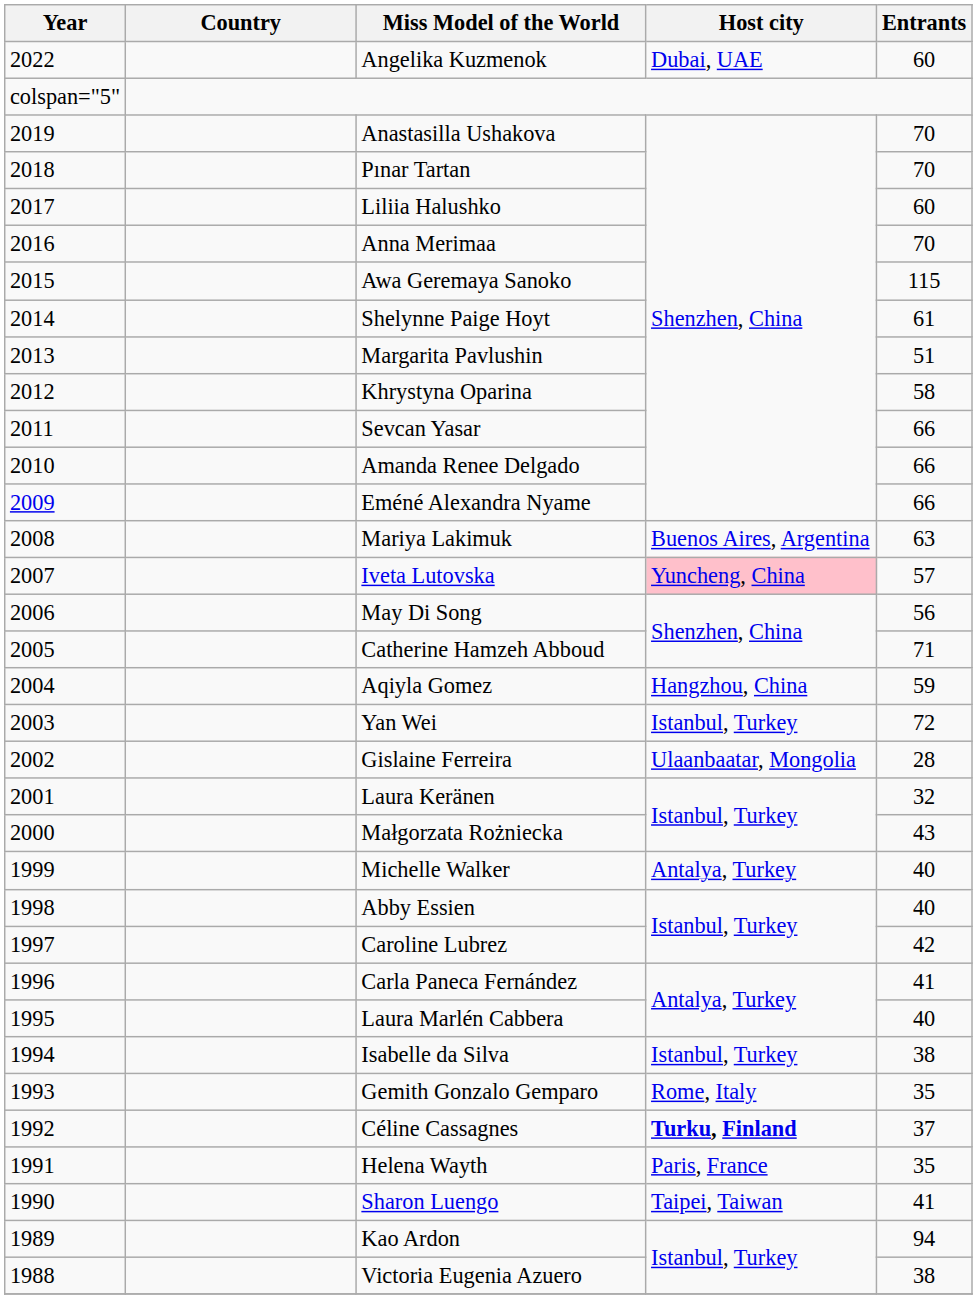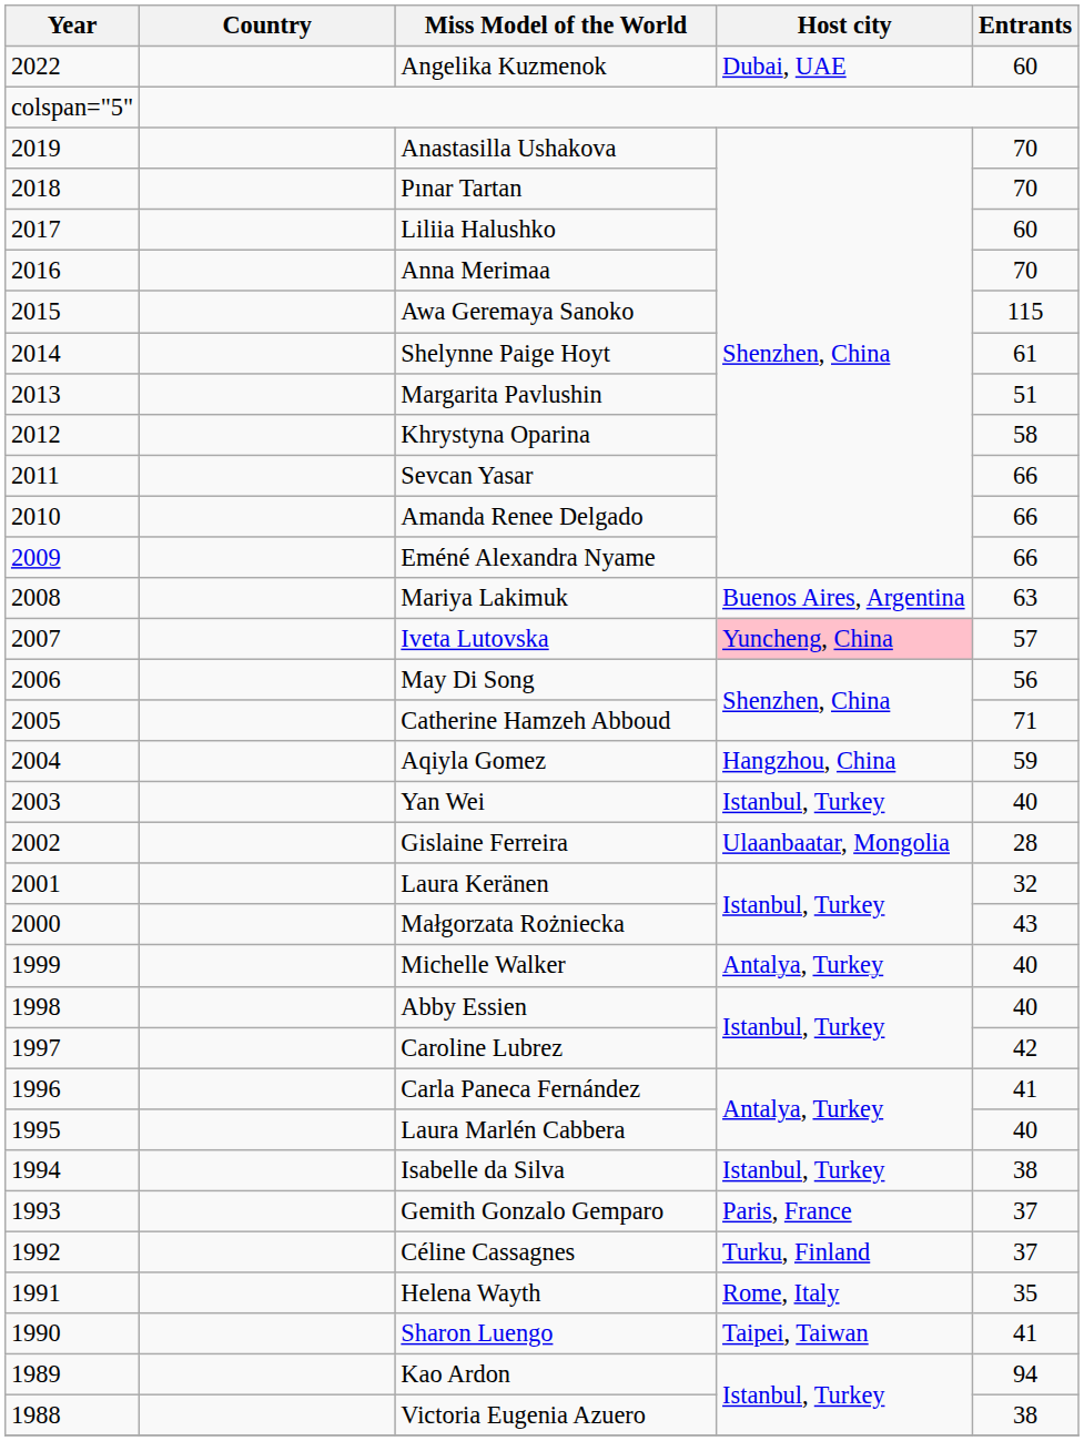 <table class="wikitable sortable" style="font-size: 95%;">
 <tr>
 <th width="40">Year</th>
 <th width="150">Country</th>
 <th width="190">Miss Model of the World</th>
 <th width="150">Host city</th>
 <th width="5">Entrants</th>
 </tr>
 <tr>
 <td>2022</td>
 <td></td>
 <td>Angelika Kuzmenok</td>
 <td><a href='#'>Dubai</a>, <a href='#'>UAE</a></td>
 <td style="text-align:center;">60</td>
 </tr>
 <tr>
 <td>colspan="5" </td>
 </tr>
 <tr>
 <td>2019</td>
 <td></td>
 <td>Anastasilla Ushakova</td>
 <td rowspan = "11"><a href='#'>Shenzhen</a>, <a href='#'>China</a></td>
 <td style="text-align:center;">70</td>
 </tr>
 <tr>
 <td>2018</td>
 <td></td>
 <td>Pınar Tartan</td>
 <td style="text-align:center;">70</td>
 </tr>
 <tr>
 <td>2017</td>
 <td></td>
 <td>Liliia Halushko</td>
 <td style="text-align:center;">60</td>
 </tr>
 <tr>
 <td>2016</td>
 <td></td>
 <td>Anna Merimaa</td>
 <td style="text-align:center;">70</td>
 </tr>
 <tr>
 <td>2015</td>
 <td></td>
 <td>Awa Geremaya Sanoko</td>
 <td style="text-align:center;">115</td>
 </tr>
 <tr>
 <td>2014</td>
 <td></td>
 <td>Shelynne Paige Hoyt</td>
 <td style="text-align:center;">61</td>
 </tr>
 <tr>
 <td>2013</td>
 <td></td>
 <td>Margarita Pavlushin</td>
 <td style="text-align:center;">51</td>
 </tr>
 <tr>
 <td>2012</td>
 <td></td>
 <td>Khrystyna Oparina</td>
 <td style="text-align:center;">58</td>
 </tr>
 <tr>
 <td>2011</td>
 <td></td>
 <td>Sevcan Yasar</td>
 <td style="text-align:center;">66</td>
 </tr>
 <tr>
 <td>2010</td>
 <td></td>
 <td>Amanda Renee Delgado</td>
 <td style="text-align:center;">66</td>
 </tr>
 <tr>
 <td><a href='#'>2009</a></td>
 <td></td>
 <td>Eméné Alexandra Nyame</td>
 <td style="text-align:center;">66</td>
 </tr>
 <tr>
 <td>2008</td>
 <td></td>
 <td>Mariya Lakimuk</td>
 <td><a href='#'>Buenos Aires</a>, <a href='#'>Argentina</a></td>
 <td style="text-align:center;">63</td>
 </tr>
 <tr>
 <td>2007</td>
 <td></td>
 <td><a href='#'>Iveta Lutovska</a></td>
 <td style="background: pink;"><a href='#'>Yuncheng</a>, <a href='#'>China</a></td>
 <td style="text-align:center;">57</td>
 </tr>
 <tr>
 <td>2006</td>
 <td></td>
 <td>May Di Song</td>
 <td rowspan = "2"><a href='#'>Shenzhen</a>, <a href='#'>China</a></td>
 <td style="text-align:center;">56</td>
 </tr>
 <tr>
 <td>2005</td>
 <td></td>
 <td>Catherine Hamzeh Abboud</td>
 <td style="text-align:center;">71</td>
 </tr>
 <tr>
 <td>2004</td>
 <td></td>
 <td>Aqiyla Gomez</td>
 <td><a href='#'>Hangzhou</a>, <a href='#'>China</a></td>
 <td style="text-align:center;">59</td>
 </tr>
 <tr>
 <td>2003</td>
 <td></td>
 <td>Yan Wei</td>
 <td><a href='#'>Istanbul</a>, <a href='#'>Turkey</a></td>
-<td style="text-align:center;">72</td>
+<td style="text-align:center;">40</td>
 </tr>
 <tr>
 <td>2002</td>
 <td></td>
 <td>Gislaine Ferreira</td>
 <td><a href='#'>Ulaanbaatar</a>, <a href='#'>Mongolia</a></td>
 <td style="text-align:center;">28</td>
 </tr>
 <tr>
 <td>2001</td>
 <td></td>
 <td>Laura Keränen</td>
 <td rowspan = "2"><a href='#'>Istanbul</a>, <a href='#'>Turkey</a></td>
 <td style="text-align:center;">32</td>
 </tr>
 <tr>
 <td>2000</td>
 <td></td>
 <td>Małgorzata Rożniecka</td>
 <td style="text-align:center;">43</td>
 </tr>
 <tr>
 <td>1999</td>
 <td></td>
 <td>Michelle Walker</td>
 <td><a href='#'>Antalya</a>, <a href='#'>Turkey</a></td>
 <td style="text-align:center;">40</td>
 </tr>
 <tr>
 <td>1998</td>
 <td></td>
 <td>Abby Essien</td>
 <td rowspan = "2"><a href='#'>Istanbul</a>, <a href='#'>Turkey</a></td>
 <td style="text-align:center;">40</td>
 </tr>
 <tr>
 <td>1997</td>
 <td></td>
 <td>Caroline Lubrez</td>
 <td style="text-align:center;">42</td>
 </tr>
 <tr>
 <td>1996</td>
 <td></td>
 <td>Carla Paneca Fernández</td>
 <td rowspan = "2"><a href='#'>Antalya</a>, <a href='#'>Turkey</a></td>
 <td style="text-align:center;">41</td>
 </tr>
 <tr>
 <td>1995</td>
 <td></td>
 <td>Laura Marlén Cabbera</td>
 <td style="text-align:center;">40</td>
 </tr>
 <tr>
 <td>1994</td>
 <td></td>
 <td>Isabelle da Silva</td>
 <td><a href='#'>Istanbul</a>, <a href='#'>Turkey</a></td>
 <td style="text-align:center;">38</td>
 </tr>
 <tr>
 <td>1993</td>
 <td></td>
 <td>Gemith Gonzalo Gemparo</td>
-<td><a href='#'>Rome</a>, <a href='#'>Italy</a></td>
-<td style="text-align:center;">35</td>
+<td><a href='#'>Paris</a>, <a href='#'>France</a></td>
+<td style="text-align:center;">37</td>
 </tr>
 <tr>
 <td>1992</td>
 <td></td>
 <td>Céline Cassagnes</td>
-<td><strong><a href='#'>Turku</a>, <a href='#'>Finland</a></strong></td>
+<td><a href='#'>Turku</a>, <a href='#'>Finland</a></td>
 <td style="text-align:center;">37</td>
 </tr>
 <tr>
 <td>1991</td>
 <td></td>
 <td>Helena Wayth</td>
-<td><a href='#'>Paris</a>, <a href='#'>France</a></td>
+<td><a href='#'>Rome</a>, <a href='#'>Italy</a></td>
 <td style="text-align:center;">35</td>
 </tr>
 <tr>
 <td>1990</td>
 <td></td>
 <td><a href='#'>Sharon Luengo</a></td>
 <td><a href='#'>Taipei</a>, <a href='#'>Taiwan</a></td>
 <td style="text-align:center;">41</td>
 </tr>
 <tr>
 <td>1989</td>
 <td></td>
 <td>Kao Ardon</td>
 <td rowspan = "2"><a href='#'>Istanbul</a>, <a href='#'>Turkey</a></td>
 <td style="text-align:center;">94</td>
 </tr>
 <tr>
 <td>1988</td>
 <td></td>
 <td>Victoria Eugenia Azuero</td>
 <td style="text-align:center;">38</td>
 </tr>
 <tr>
 </tr>
 </table>
